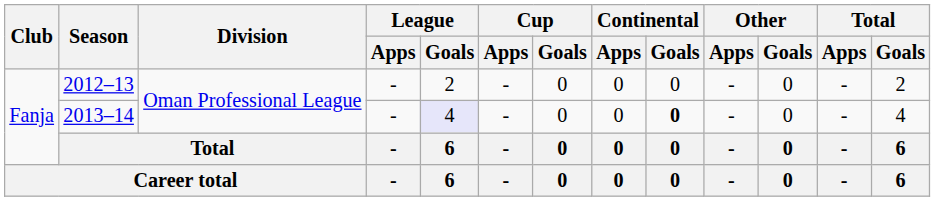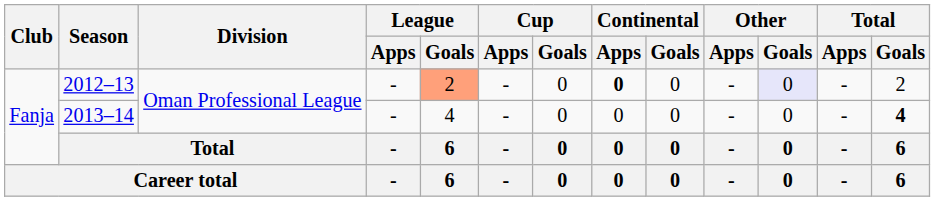 <table class="wikitable" style="text-align: center;">
 <tr>
 <th rowspan="2">Club</th>
 <th rowspan="2">Season</th>
 <th rowspan="2">Division</th>
 <th colspan="2">League</th>
 <th colspan="2">Cup</th>
 <th colspan="2">Continental</th>
 <th colspan="2">Other</th>
 <th colspan="2">Total</th>
 </tr>
 <tr>
 <th>Apps</th>
 <th>Goals</th>
 <th>Apps</th>
 <th>Goals</th>
 <th>Apps</th>
 <th>Goals</th>
 <th>Apps</th>
 <th>Goals</th>
 <th>Apps</th>
 <th>Goals</th>
 </tr>
 <tr>
 <td rowspan="3"><a href='#'>Fanja</a></td>
 <td><a href='#'>2012–13</a></td>
 <td rowspan="2"><a href='#'>Oman Professional League</a></td>
 <td>-</td>
+<td style="background: lightsalmon;">2</td>
+<td>-</td>
+<td>0</td>
+<td><strong>0</strong></td>
+<td>0</td>
+<td>-</td>
+<td style="background: lavender;">0</td>
+<td>-</td>
 <td>2</td>
+</tr>
+<tr>
+<td><a href='#'>2013–14</a></td>
+<td>-</td>
+<td>4</td>
 <td>-</td>
 <td>0</td>
 <td>0</td>
 <td>0</td>
 <td>-</td>
 <td>0</td>
 <td>-</td>
-<td>2</td>
-</tr>
-<tr>
-<td><a href='#'>2013–14</a></td>
-<td>-</td>
-<td style="background: lavender;">4</td>
-<td>-</td>
-<td>0</td>
-<td>0</td>
-<td><strong>0</strong></td>
-<td>-</td>
-<td>0</td>
-<td>-</td>
-<td>4</td>
+<td><strong>4</strong></td>
 </tr>
 <tr>
 <th colspan="2">Total</th>
 <th>-</th>
 <th>6</th>
 <th>-</th>
 <th>0</th>
 <th>0</th>
 <th>0</th>
 <th>-</th>
 <th>0</th>
 <th>-</th>
 <th>6</th>
 </tr>
 <tr>
 <th colspan="3">Career total</th>
 <th>-</th>
 <th>6</th>
 <th>-</th>
 <th>0</th>
 <th>0</th>
 <th>0</th>
 <th>-</th>
 <th>0</th>
 <th>-</th>
 <th>6</th>
 </tr>
 </table>
